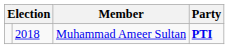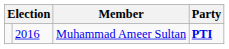 <table class="wikitable">
 <tr>
 <th colspan="2">Election</th>
 <th>Member</th>
 <th>Party</th>
 </tr>
 <tr>
 <td style="background-color: "></td>
-<td><a href='#'>2018</a></td>
+<td><a href='#'>2016</a></td>
 <td><a href='#'>Muhammad Ameer Sultan</a></td>
 <td><strong><a href='#'>PTI</a></strong></td>
 </tr>
 </table>
